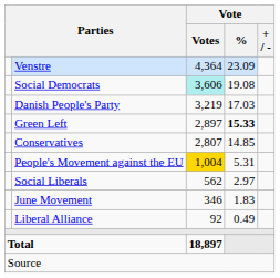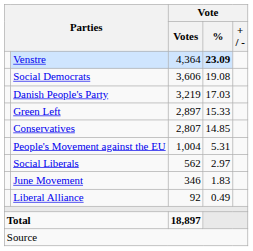 <table class="wikitable" style="text-align:right;">
 <tr>
 <th style="text-align:centre;" rowspan="2" colspan="2" width="225">Parties</th>
 <th colspan="3">Vote</th>
 </tr>
 <tr>
 <th width="15">Votes</th>
 <th width="15">%</th>
 <th width="15">+ / -</th>
 </tr>
 <tr>
 <td width="2" style="color:inherit;background:"></td>
 <td bgcolor=#cfe5fe   align="left"><a href='#'>Venstre</a></td>
 <td bgcolor=#cfe5fe>4,364</td>
-<td bgcolor=#cfe5fe>23.09</td>
+<td bgcolor=#cfe5fe><strong>23.09</strong></td>
 <td></td>
 </tr>
 <tr>
 <td width="2" style="color:inherit;background:"></td>
 <td align="left"><a href='#'>Social Democrats</a></td>
-<td style="background: paleturquoise;">3,606</td>
+<td>3,606</td>
 <td>19.08</td>
 <td></td>
 </tr>
 <tr>
 <td width="2" style="color:inherit;background:"></td>
 <td align="left"><a href='#'>Danish People's Party</a></td>
 <td>3,219</td>
 <td>17.03</td>
 <td></td>
 </tr>
 <tr>
 <td width="2" style="color:inherit;background:"></td>
 <td align="left"><a href='#'>Green Left</a></td>
 <td>2,897</td>
-<td><strong>15.33</strong></td>
+<td>15.33</td>
 <td></td>
 </tr>
 <tr>
 <td width="2" style="color:inherit;background:"></td>
 <td align="left"><a href='#'>Conservatives</a></td>
 <td>2,807</td>
 <td>14.85</td>
 <td></td>
 </tr>
 <tr>
 <td width="2" style="color:inherit;background:"></td>
 <td align="left"><a href='#'>People's Movement against the EU</a></td>
-<td style="background: gold;">1,004</td>
+<td>1,004</td>
 <td>5.31</td>
 <td></td>
 </tr>
 <tr>
 <td width="2" style="color:inherit;background:"></td>
 <td align="left"><a href='#'>Social Liberals</a></td>
 <td>562</td>
 <td>2.97</td>
 <td></td>
 </tr>
 <tr>
 <td width="2" style="color:inherit;background:"></td>
 <td align="left"><a href='#'>June Movement</a></td>
 <td>346</td>
 <td>1.83</td>
 <td></td>
 </tr>
 <tr>
 <td width="2" style="color:inherit;background:"></td>
 <td align="left"><a href='#'>Liberal Alliance</a></td>
 <td>92</td>
 <td>0.49</td>
 <td></td>
 </tr>
 <tr>
 <td colspan="7" bgcolor="#E9E9E9"></td>
 </tr>
 <tr>
 <td align="left" colspan="2"><strong>Total</strong></td>
 <td><strong>18,897</strong></td>
 <td bgcolor="#E9E9E9" colspan="2"></td>
 </tr>
 <tr>
 <td align="left" colspan="6">Source</td>
 </tr>
 </table>
